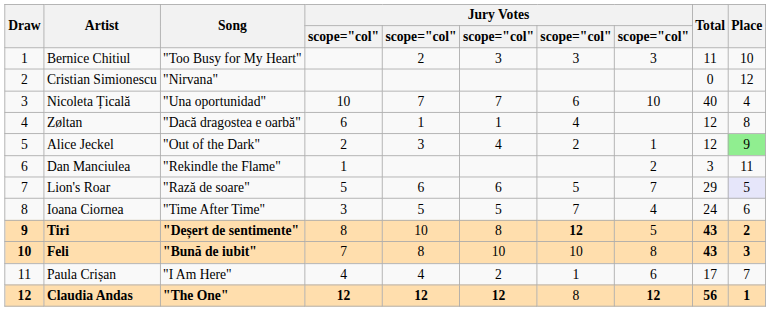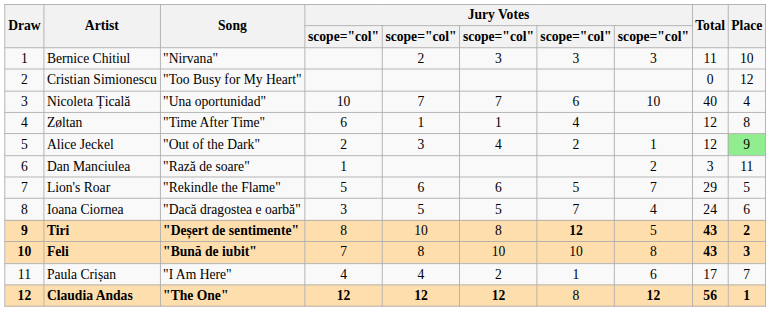 <table class="sortable wikitable" style="margin: 1em auto 1em auto; text-align:center;">
 <tr>
 <th rowspan="2">Draw</th>
 <th rowspan="2">Artist</th>
 <th rowspan="2">Song</th>
 <th colspan="5">Jury Votes</th>
 <th rowspan="2">Total</th>
 <th rowspan="2">Place</th>
 </tr>
 <tr>
 <th>scope="col" </th>
 <th>scope="col" </th>
 <th>scope="col" </th>
 <th>scope="col" </th>
 <th>scope="col" </th>
 </tr>
 <tr>
 <td>1</td>
 <td align="left">Bernice Chitiul</td>
-<td align="left">"Too Busy for My Heart"</td>
+<td align="left">"Nirvana"</td>
 <td></td>
 <td>2</td>
 <td>3</td>
 <td>3</td>
 <td>3</td>
 <td>11</td>
 <td>10</td>
 </tr>
 <tr>
 <td>2</td>
 <td align="left">Cristian Simionescu</td>
-<td align="left">"Nirvana"</td>
+<td align="left">"Too Busy for My Heart"</td>
 <td></td>
 <td></td>
 <td></td>
 <td></td>
 <td></td>
 <td>0</td>
 <td>12</td>
 </tr>
 <tr>
 <td>3</td>
 <td align="left">Nicoleta Țicală</td>
 <td align="left">"Una oportunidad"</td>
 <td>10</td>
 <td>7</td>
 <td>7</td>
 <td>6</td>
 <td>10</td>
 <td>40</td>
 <td>4</td>
 </tr>
 <tr>
 <td>4</td>
 <td align="left">Zøltan</td>
-<td align="left">"Dacă dragostea e oarbă"</td>
+<td align="left">"Time After Time"</td>
 <td>6</td>
 <td>1</td>
 <td>1</td>
 <td>4</td>
 <td></td>
 <td>12</td>
 <td>8</td>
 </tr>
 <tr>
 <td>5</td>
 <td align="left">Alice Jeckel</td>
 <td align="left">"Out of the Dark"</td>
 <td>2</td>
 <td>3</td>
 <td>4</td>
 <td>2</td>
 <td>1</td>
 <td>12</td>
 <td style="background: lightgreen;">9</td>
 </tr>
 <tr>
 <td>6</td>
 <td align="left">Dan Manciulea</td>
-<td align="left">"Rekindle the Flame"</td>
+<td align="left">"Rază de soare"</td>
 <td>1</td>
 <td></td>
 <td></td>
 <td></td>
 <td>2</td>
 <td>3</td>
 <td>11</td>
 </tr>
 <tr>
 <td>7</td>
 <td align="left">Lion's Roar</td>
-<td align="left">"Rază de soare"</td>
+<td align="left">"Rekindle the Flame"</td>
 <td>5</td>
 <td>6</td>
 <td>6</td>
 <td>5</td>
 <td>7</td>
 <td>29</td>
-<td style="background: lavender;">5</td>
+<td>5</td>
 </tr>
 <tr>
 <td>8</td>
 <td align="left">Ioana Ciornea</td>
-<td align="left">"Time After Time"</td>
+<td align="left">"Dacă dragostea e oarbă"</td>
 <td>3</td>
 <td>5</td>
 <td>5</td>
 <td>7</td>
 <td>4</td>
 <td>24</td>
 <td>6</td>
 </tr>
 <tr style="background:navajowhite;">
 <td><strong>9</strong></td>
 <td align="left"><strong>Tiri</strong></td>
 <td align="left"><strong>"Deșert de sentimente"</strong></td>
 <td>8</td>
 <td>10</td>
 <td>8</td>
 <td><strong>12</strong></td>
 <td>5</td>
 <td><strong>43</strong></td>
 <td><strong>2</strong></td>
 </tr>
 <tr style="background:navajowhite;">
 <td><strong>10</strong></td>
 <td align="left"><strong>Feli</strong></td>
 <td align="left"><strong>"Bună de iubit"</strong></td>
 <td>7</td>
 <td>8</td>
 <td>10</td>
 <td>10</td>
 <td>8</td>
 <td><strong>43</strong></td>
 <td><strong>3</strong></td>
 </tr>
 <tr>
 <td>11</td>
 <td align="left">Paula Crișan</td>
 <td align="left">"I Am Here"</td>
 <td>4</td>
 <td>4</td>
 <td>2</td>
 <td>1</td>
 <td>6</td>
 <td>17</td>
 <td>7</td>
 </tr>
 <tr style="background:navajowhite;">
 <td><strong>12</strong></td>
 <td align="left"><strong>Claudia Andas</strong></td>
 <td align="left"><strong>"The One"</strong></td>
 <td><strong>12</strong></td>
 <td><strong>12</strong></td>
 <td><strong>12</strong></td>
 <td>8</td>
 <td><strong>12</strong></td>
 <td><strong>56</strong></td>
 <td><strong>1</strong></td>
 </tr>
 </table>
